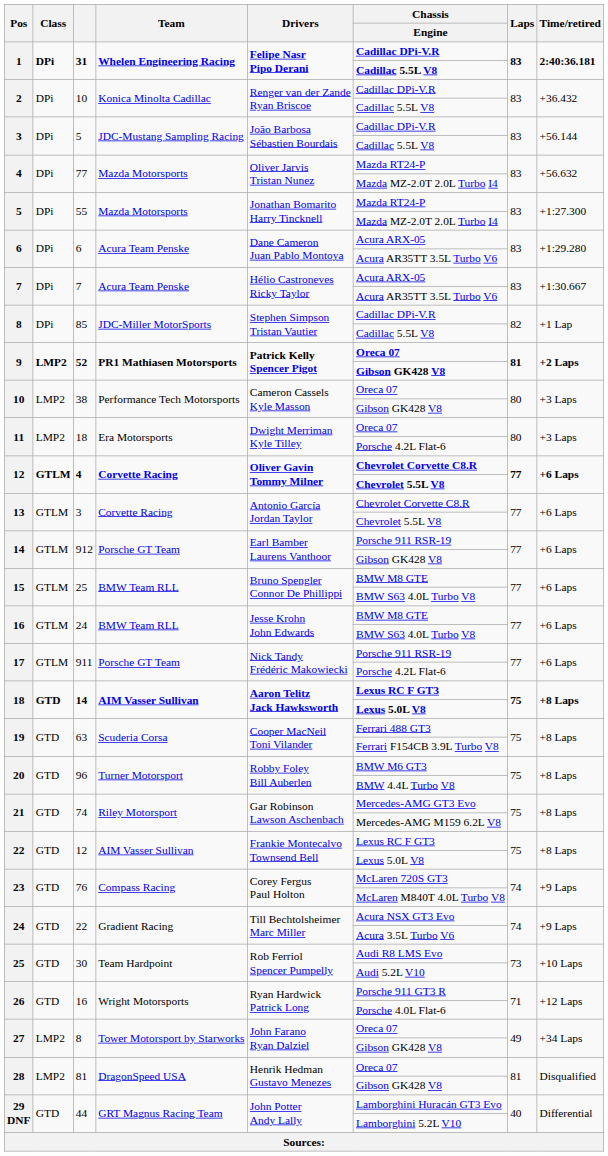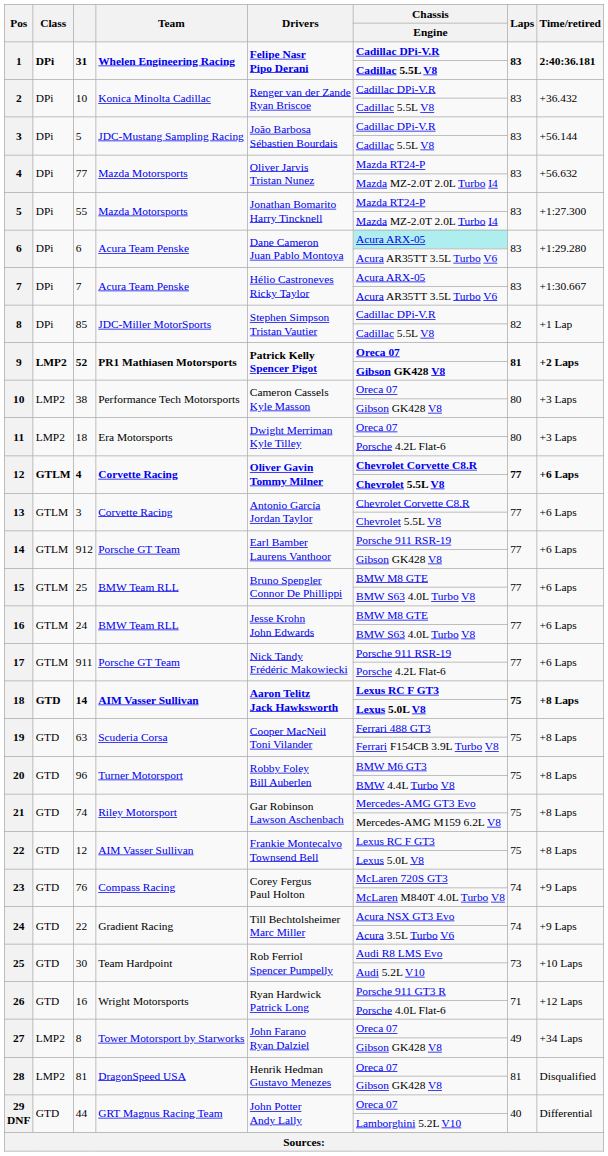 <table class="wikitable" style="font-size: 95%;">
 <tr>
 <th rowspan=2>Pos</th>
 <th rowspan=2>Class</th>
 <th rowspan=2></th>
 <th rowspan=2>Team</th>
 <th rowspan=2>Drivers</th>
 <th>Chassis</th>
 <th rowspan=2>Laps</th>
 <th rowspan=2>Time/retired</th>
 </tr>
 <tr>
 <th>Engine</th>
 </tr>
 <tr style="font-weight:bold">
 <th rowspan=2>1</th>
 <td rowspan=2>DPi</td>
 <td rowspan=2>31</td>
 <td rowspan=2> <a href='#'>Whelen Engineering Racing</a></td>
 <td rowspan=2> <a href='#'>Felipe Nasr</a><br> <a href='#'>Pipo Derani</a></td>
 <td><a href='#'>Cadillac DPi-V.R</a></td>
 <td rowspan=2>83</td>
 <td rowspan=2>2:40:36.181</td>
 </tr>
 <tr style="font-weight:bold">
 <td><a href='#'>Cadillac</a> 5.5L <a href='#'>V8</a></td>
 </tr>
 <tr>
 <th rowspan=2>2</th>
 <td rowspan=2>DPi</td>
 <td rowspan=2>10</td>
 <td rowspan=2> <a href='#'>Konica Minolta Cadillac</a></td>
 <td rowspan=2> <a href='#'>Renger van der Zande</a><br> <a href='#'>Ryan Briscoe</a></td>
 <td><a href='#'>Cadillac DPi-V.R</a></td>
 <td rowspan=2>83</td>
 <td rowspan=2>+36.432</td>
 </tr>
 <tr>
 <td><a href='#'>Cadillac</a> 5.5L <a href='#'>V8</a></td>
 </tr>
 <tr>
 <th rowspan=2>3</th>
 <td rowspan=2>DPi</td>
 <td rowspan=2>5</td>
 <td rowspan=2> <a href='#'>JDC-Mustang Sampling Racing</a></td>
 <td rowspan=2> <a href='#'>João Barbosa</a><br> <a href='#'>Sébastien Bourdais</a></td>
 <td><a href='#'>Cadillac DPi-V.R</a></td>
 <td rowspan=2>83</td>
 <td rowspan=2>+56.144</td>
 </tr>
 <tr>
 <td><a href='#'>Cadillac</a> 5.5L <a href='#'>V8</a></td>
 </tr>
 <tr>
 <th rowspan=2>4</th>
 <td rowspan=2>DPi</td>
 <td rowspan=2>77</td>
 <td rowspan=2> <a href='#'>Mazda Motorsports</a></td>
 <td rowspan=2> <a href='#'>Oliver Jarvis</a><br> <a href='#'>Tristan Nunez</a></td>
 <td><a href='#'>Mazda RT24-P</a></td>
 <td rowspan=2>83</td>
 <td rowspan=2>+56.632</td>
 </tr>
 <tr>
 <td><a href='#'>Mazda</a> MZ-2.0T 2.0L <a href='#'>Turbo</a> <a href='#'>I4</a></td>
 </tr>
 <tr>
 <th rowspan=2>5</th>
 <td rowspan=2>DPi</td>
 <td rowspan=2>55</td>
 <td rowspan=2> <a href='#'>Mazda Motorsports</a></td>
 <td rowspan=2> <a href='#'>Jonathan Bomarito</a><br> <a href='#'>Harry Tincknell</a></td>
 <td><a href='#'>Mazda RT24-P</a></td>
 <td rowspan=2>83</td>
 <td rowspan=2>+1:27.300</td>
 </tr>
 <tr>
 <td><a href='#'>Mazda</a> MZ-2.0T 2.0L <a href='#'>Turbo</a> <a href='#'>I4</a></td>
 </tr>
 <tr>
 <th rowspan=2>6</th>
 <td rowspan=2>DPi</td>
 <td rowspan=2>6</td>
 <td rowspan=2> <a href='#'>Acura Team Penske</a></td>
 <td rowspan=2> <a href='#'>Dane Cameron</a><br> <a href='#'>Juan Pablo Montoya</a></td>
-<td><a href='#'>Acura ARX-05</a></td>
+<td style="background: paleturquoise;"><a href='#'>Acura ARX-05</a></td>
 <td rowspan=2>83</td>
 <td rowspan=2>+1:29.280</td>
 </tr>
 <tr>
 <td><a href='#'>Acura</a> AR35TT 3.5L <a href='#'>Turbo</a> <a href='#'>V6</a></td>
 </tr>
 <tr>
 <th rowspan=2>7</th>
 <td rowspan=2>DPi</td>
 <td rowspan=2>7</td>
 <td rowspan=2> <a href='#'>Acura Team Penske</a></td>
 <td rowspan=2> <a href='#'>Hélio Castroneves</a><br> <a href='#'>Ricky Taylor</a></td>
 <td><a href='#'>Acura ARX-05</a></td>
 <td rowspan=2>83</td>
 <td rowspan=2>+1:30.667</td>
 </tr>
 <tr>
 <td><a href='#'>Acura</a> AR35TT 3.5L <a href='#'>Turbo</a> <a href='#'>V6</a></td>
 </tr>
 <tr>
 <th rowspan=2>8</th>
 <td rowspan=2>DPi</td>
 <td rowspan=2>85</td>
 <td rowspan=2> <a href='#'>JDC-Miller MotorSports</a></td>
 <td rowspan=2> <a href='#'>Stephen Simpson</a><br> <a href='#'>Tristan Vautier</a></td>
 <td><a href='#'>Cadillac DPi-V.R</a></td>
 <td rowspan=2>82</td>
 <td rowspan=2>+1 Lap</td>
 </tr>
 <tr>
 <td><a href='#'>Cadillac</a> 5.5L <a href='#'>V8</a></td>
 </tr>
 <tr style="font-weight:bold">
 <th rowspan=2>9</th>
 <td rowspan=2>LMP2</td>
 <td rowspan=2>52</td>
 <td rowspan=2> PR1 Mathiasen Motorsports</td>
 <td rowspan=2> Patrick Kelly<br> <a href='#'>Spencer Pigot</a></td>
 <td><a href='#'>Oreca 07</a></td>
 <td rowspan=2>81</td>
 <td rowspan=2>+2 Laps</td>
 </tr>
 <tr style="font-weight:bold">
 <td><a href='#'>Gibson</a> GK428 <a href='#'>V8</a></td>
 </tr>
 <tr>
 <th rowspan=2>10</th>
 <td rowspan=2>LMP2</td>
 <td rowspan=2>38</td>
 <td rowspan=2> Performance Tech Motorsports</td>
 <td rowspan=2> Cameron Cassels<br> <a href='#'>Kyle Masson</a></td>
 <td><a href='#'>Oreca 07</a></td>
 <td rowspan=2>80</td>
 <td rowspan=2>+3 Laps</td>
 </tr>
 <tr>
 <td><a href='#'>Gibson</a> GK428 <a href='#'>V8</a></td>
 </tr>
 <tr>
 <th rowspan=2>11</th>
 <td rowspan=2>LMP2</td>
 <td rowspan=2>18</td>
 <td rowspan=2> Era Motorsports</td>
 <td rowspan=2> <a href='#'>Dwight Merriman</a><br> <a href='#'>Kyle Tilley</a></td>
 <td><a href='#'>Oreca 07</a></td>
 <td rowspan=2>80</td>
 <td rowspan=2>+3 Laps</td>
 </tr>
 <tr>
 <td><a href='#'>Porsche</a> 4.2L Flat-6</td>
 </tr>
 <tr style="font-weight:bold">
 <th rowspan=2>12</th>
 <td rowspan=2>GTLM</td>
 <td rowspan=2>4</td>
 <td rowspan=2> <a href='#'>Corvette Racing</a></td>
 <td rowspan=2> <a href='#'>Oliver Gavin</a><br> <a href='#'>Tommy Milner</a></td>
 <td><a href='#'>Chevrolet Corvette C8.R</a></td>
 <td rowspan=2>77</td>
 <td rowspan=2>+6 Laps</td>
 </tr>
 <tr style="font-weight:bold">
 <td><a href='#'>Chevrolet</a> 5.5L <a href='#'>V8</a></td>
 </tr>
 <tr>
 <th rowspan=2>13</th>
 <td rowspan=2>GTLM</td>
 <td rowspan=2>3</td>
 <td rowspan=2> <a href='#'>Corvette Racing</a></td>
 <td rowspan=2> <a href='#'>Antonio García</a><br> <a href='#'>Jordan Taylor</a></td>
 <td><a href='#'>Chevrolet Corvette C8.R</a></td>
 <td rowspan=2>77</td>
 <td rowspan=2>+6 Laps</td>
 </tr>
 <tr>
 <td><a href='#'>Chevrolet</a> 5.5L <a href='#'>V8</a></td>
 </tr>
 <tr>
 <th rowspan=2>14</th>
 <td rowspan=2>GTLM</td>
 <td rowspan=2>912</td>
 <td rowspan=2> <a href='#'>Porsche GT Team</a></td>
 <td rowspan=2> <a href='#'>Earl Bamber</a><br> <a href='#'>Laurens Vanthoor</a></td>
 <td><a href='#'>Porsche 911 RSR-19</a></td>
 <td rowspan=2>77</td>
 <td rowspan=2>+6 Laps</td>
 </tr>
 <tr>
 <td><a href='#'>Gibson</a> GK428 <a href='#'>V8</a></td>
 </tr>
 <tr>
 <th rowspan=2>15</th>
 <td rowspan=2>GTLM</td>
 <td rowspan=2>25</td>
 <td rowspan=2> <a href='#'>BMW Team RLL</a></td>
 <td rowspan=2> <a href='#'>Bruno Spengler</a><br> <a href='#'>Connor De Phillippi</a></td>
 <td><a href='#'>BMW M8 GTE</a></td>
 <td rowspan=2>77</td>
 <td rowspan=2>+6 Laps</td>
 </tr>
 <tr>
 <td><a href='#'>BMW S63</a> 4.0L <a href='#'>Turbo</a> <a href='#'>V8</a></td>
 </tr>
 <tr>
 <th rowspan=2>16</th>
 <td rowspan=2>GTLM</td>
 <td rowspan=2>24</td>
 <td rowspan=2> <a href='#'>BMW Team RLL</a></td>
 <td rowspan=2> <a href='#'>Jesse Krohn</a><br> <a href='#'>John Edwards</a></td>
 <td><a href='#'>BMW M8 GTE</a></td>
 <td rowspan=2>77</td>
 <td rowspan=2>+6 Laps</td>
 </tr>
 <tr>
 <td><a href='#'>BMW S63</a> 4.0L <a href='#'>Turbo</a> <a href='#'>V8</a></td>
 </tr>
 <tr>
 <th rowspan=2>17</th>
 <td rowspan=2>GTLM</td>
 <td rowspan=2>911</td>
 <td rowspan=2> <a href='#'>Porsche GT Team</a></td>
 <td rowspan=2> <a href='#'>Nick Tandy</a><br> <a href='#'>Frédéric Makowiecki</a></td>
 <td><a href='#'>Porsche 911 RSR-19</a></td>
 <td rowspan=2>77</td>
 <td rowspan=2>+6 Laps</td>
 </tr>
 <tr>
 <td><a href='#'>Porsche</a> 4.2L Flat-6</td>
 </tr>
 <tr style="font-weight:bold">
 <th rowspan=2>18</th>
 <td rowspan=2>GTD</td>
 <td rowspan=2>14</td>
 <td rowspan=2> <a href='#'>AIM Vasser Sullivan</a></td>
 <td rowspan=2> <a href='#'>Aaron Telitz</a><br> <a href='#'>Jack Hawksworth</a></td>
 <td><a href='#'>Lexus RC F GT3</a></td>
 <td rowspan=2>75</td>
 <td rowspan=2>+8 Laps</td>
 </tr>
 <tr style="font-weight:bold">
 <td><a href='#'>Lexus</a> 5.0L <a href='#'>V8</a></td>
 </tr>
 <tr>
 <th rowspan=2>19</th>
 <td rowspan=2>GTD</td>
 <td rowspan=2>63</td>
 <td rowspan=2> <a href='#'>Scuderia Corsa</a></td>
 <td rowspan=2> <a href='#'>Cooper MacNeil</a><br> <a href='#'>Toni Vilander</a></td>
 <td><a href='#'>Ferrari 488 GT3</a></td>
 <td rowspan=2>75</td>
 <td rowspan=2>+8 Laps</td>
 </tr>
 <tr>
 <td><a href='#'>Ferrari</a> F154CB 3.9L <a href='#'>Turbo</a> <a href='#'>V8</a></td>
 </tr>
 <tr>
 <th rowspan=2>20</th>
 <td rowspan=2>GTD</td>
 <td rowspan=2>96</td>
 <td rowspan=2> <a href='#'>Turner Motorsport</a></td>
 <td rowspan=2> <a href='#'>Robby Foley</a><br> <a href='#'>Bill Auberlen</a></td>
 <td><a href='#'>BMW M6 GT3</a></td>
 <td rowspan=2>75</td>
 <td rowspan=2>+8 Laps</td>
 </tr>
 <tr>
 <td><a href='#'>BMW</a> 4.4L <a href='#'>Turbo</a> <a href='#'>V8</a></td>
 </tr>
 <tr>
 <th rowspan=2>21</th>
 <td rowspan=2>GTD</td>
 <td rowspan=2>74</td>
 <td rowspan=2> <a href='#'>Riley Motorsport</a></td>
 <td rowspan=2> Gar Robinson<br> <a href='#'>Lawson Aschenbach</a></td>
 <td><a href='#'>Mercedes-AMG GT3 Evo</a></td>
 <td rowspan=2>75</td>
 <td rowspan=2>+8 Laps</td>
 </tr>
 <tr>
 <td>Mercedes-AMG M159 6.2L <a href='#'>V8</a></td>
 </tr>
 <tr>
 <th rowspan=2>22</th>
 <td rowspan=2>GTD</td>
 <td rowspan=2>12</td>
 <td rowspan=2> <a href='#'>AIM Vasser Sullivan</a></td>
 <td rowspan=2> <a href='#'>Frankie Montecalvo</a><br> <a href='#'>Townsend Bell</a></td>
 <td><a href='#'>Lexus RC F GT3</a></td>
 <td rowspan=2>75</td>
 <td rowspan=2>+8 Laps</td>
 </tr>
 <tr>
 <td><a href='#'>Lexus</a> 5.0L <a href='#'>V8</a></td>
 </tr>
 <tr>
 <th rowspan=2>23</th>
 <td rowspan=2>GTD</td>
 <td rowspan=2>76</td>
 <td rowspan=2> <a href='#'>Compass Racing</a></td>
 <td rowspan=2> Corey Fergus<br> Paul Holton</td>
 <td><a href='#'>McLaren 720S GT3</a></td>
 <td rowspan=2>74</td>
 <td rowspan=2>+9 Laps</td>
 </tr>
 <tr>
 <td><a href='#'>McLaren</a> M840T 4.0L <a href='#'>Turbo</a> <a href='#'>V8</a></td>
 </tr>
 <tr>
 <th rowspan=2>24</th>
 <td rowspan=2>GTD</td>
 <td rowspan=2>22</td>
 <td rowspan=2> Gradient Racing</td>
 <td rowspan=2> Till Bechtolsheimer<br> <a href='#'>Marc Miller</a></td>
 <td><a href='#'>Acura NSX GT3 Evo</a></td>
 <td rowspan=2>74</td>
 <td rowspan=2>+9 Laps</td>
 </tr>
 <tr>
 <td><a href='#'>Acura</a> 3.5L <a href='#'>Turbo</a> <a href='#'>V6</a></td>
 </tr>
 <tr>
 <th rowspan=2>25</th>
 <td rowspan=2>GTD</td>
 <td rowspan=2>30</td>
 <td rowspan=2> Team Hardpoint</td>
 <td rowspan=2> Rob Ferriol<br> <a href='#'>Spencer Pumpelly</a></td>
 <td><a href='#'>Audi R8 LMS Evo</a></td>
 <td rowspan=2>73</td>
 <td rowspan=2>+10 Laps</td>
 </tr>
 <tr>
 <td><a href='#'>Audi</a> 5.2L <a href='#'>V10</a></td>
 </tr>
 <tr>
 <th rowspan=2>26</th>
 <td rowspan=2>GTD</td>
 <td rowspan=2>16</td>
 <td rowspan=2> Wright Motorsports</td>
 <td rowspan=2> Ryan Hardwick<br> <a href='#'>Patrick Long</a></td>
 <td><a href='#'>Porsche 911 GT3 R</a></td>
 <td rowspan=2>71</td>
 <td rowspan=2>+12 Laps</td>
 </tr>
 <tr>
 <td><a href='#'>Porsche</a> 4.0L Flat-6</td>
 </tr>
 <tr>
 <th rowspan=2>27</th>
 <td rowspan=2>LMP2</td>
 <td rowspan=2>8</td>
 <td rowspan=2> <a href='#'>Tower Motorsport by Starworks</a></td>
 <td rowspan=2> <a href='#'>John Farano</a><br> <a href='#'>Ryan Dalziel</a></td>
 <td><a href='#'>Oreca 07</a></td>
 <td rowspan=2>49</td>
 <td rowspan=2>+34 Laps</td>
 </tr>
 <tr>
 <td><a href='#'>Gibson</a> GK428 <a href='#'>V8</a></td>
 </tr>
 <tr>
 <th rowspan=2>28</th>
 <td rowspan=2>LMP2</td>
 <td rowspan=2>81</td>
 <td rowspan=2> <a href='#'>DragonSpeed USA</a></td>
 <td rowspan=2> Henrik Hedman<br> <a href='#'>Gustavo Menezes</a></td>
 <td><a href='#'>Oreca 07</a></td>
 <td rowspan=2>81</td>
 <td rowspan=2>Disqualified</td>
 </tr>
 <tr>
 <td><a href='#'>Gibson</a> GK428 <a href='#'>V8</a></td>
 </tr>
 <tr>
 <th rowspan=2>29<br>DNF</th>
 <td rowspan=2>GTD</td>
 <td rowspan=2>44</td>
 <td rowspan=2> <a href='#'>GRT Magnus Racing Team</a></td>
 <td rowspan=2> <a href='#'>John Potter</a><br> <a href='#'>Andy Lally</a></td>
-<td><a href='#'>Lamborghini Huracán GT3 Evo</a></td>
+<td><a href='#'>Oreca 07</a></td>
 <td rowspan=2>40</td>
 <td rowspan=2>Differential</td>
 </tr>
 <tr>
 <td><a href='#'>Lamborghini</a> 5.2L <a href='#'>V10</a></td>
 </tr>
 <tr>
 <th colspan=8>Sources:</th>
 </tr>
 </table>
